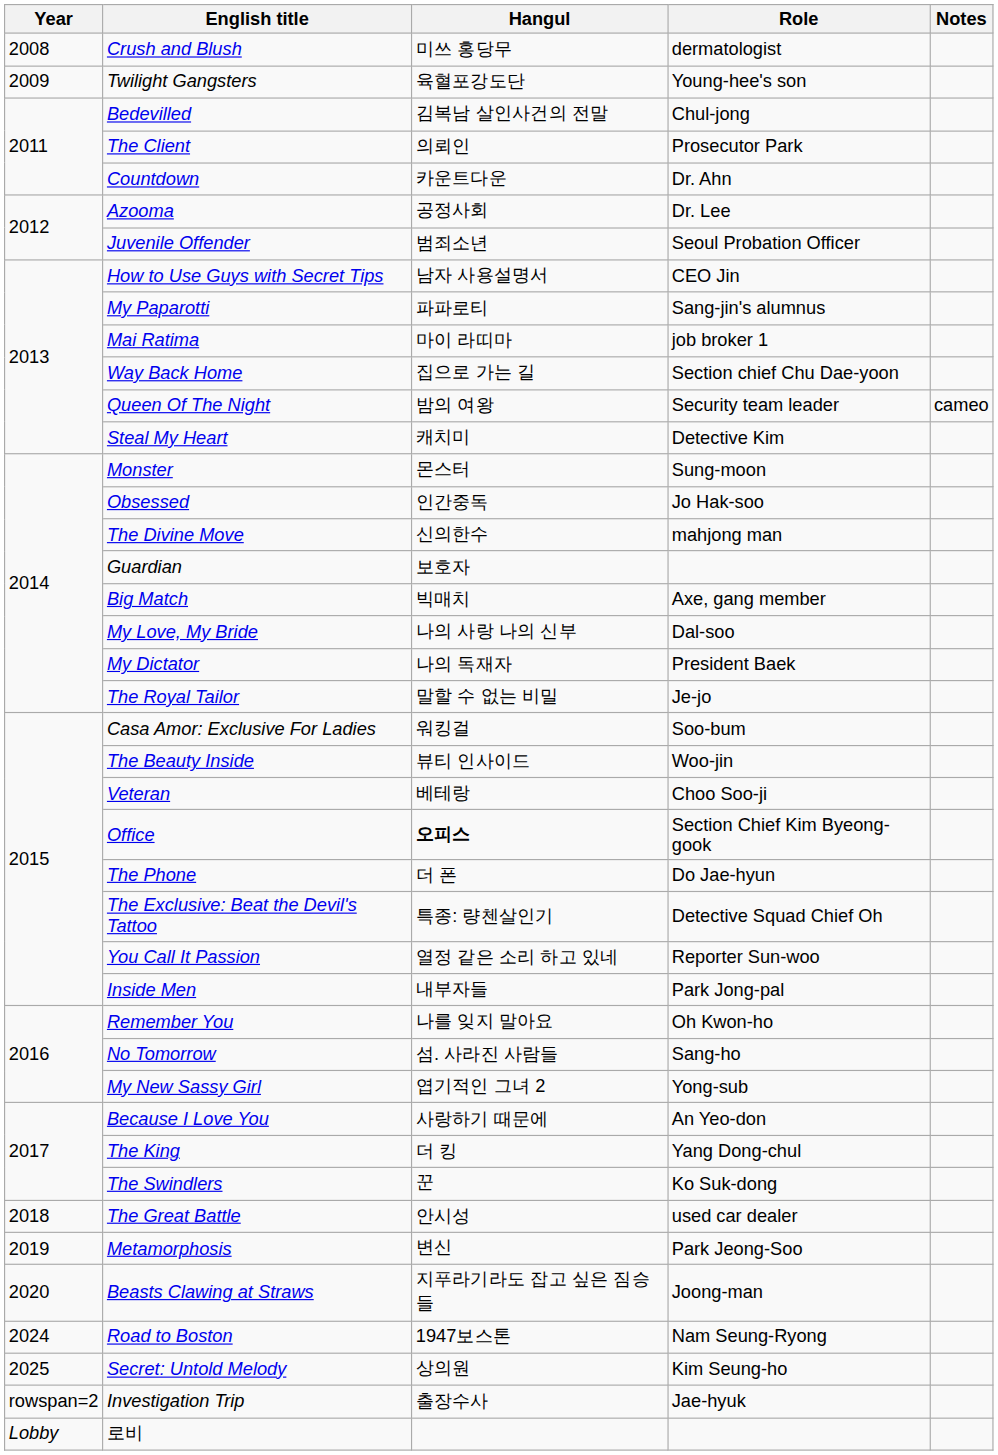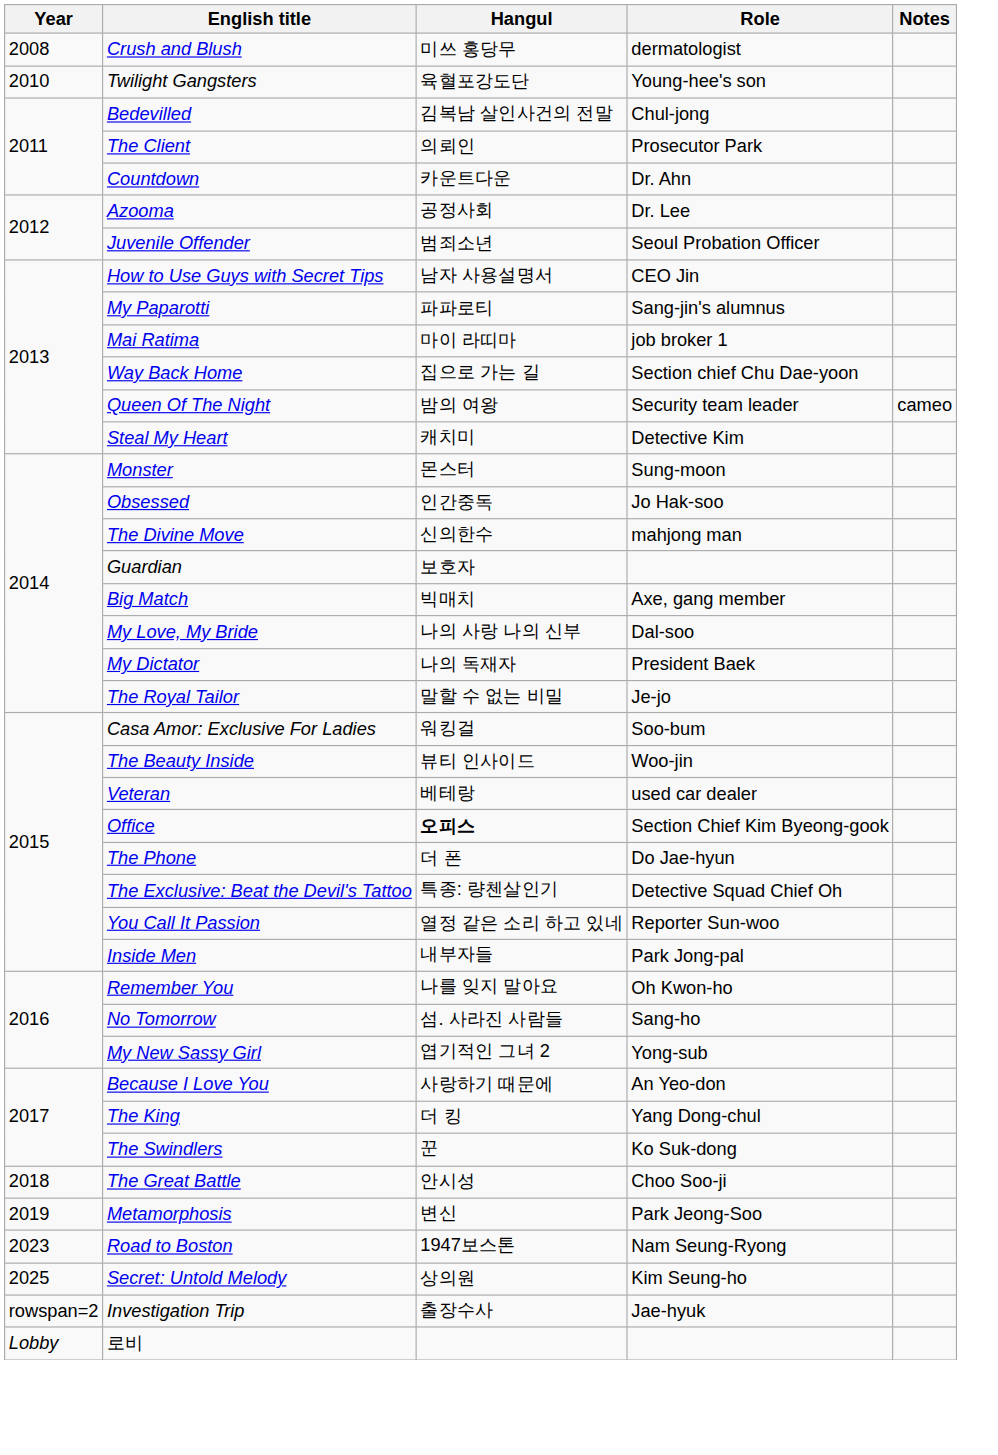 <table class="wikitable sortable">
 <tr>
 <th>Year</th>
 <th>English title</th>
 <th>Hangul</th>
 <th>Role</th>
 <th class="unsortable">Notes</th>
 </tr>
 <tr>
 <td>2008</td>
 <td><em><a href='#'>Crush and Blush</a></em></td>
 <td>미쓰 홍당무</td>
 <td>dermatologist</td>
 <td></td>
 </tr>
 <tr>
-<td>2009</td>
+<td>2010</td>
 <td><em>Twilight Gangsters</em></td>
 <td>육혈포강도단</td>
 <td>Young-hee's son</td>
 <td></td>
 </tr>
 <tr>
 <td rowspan=3>2011</td>
 <td><em><a href='#'>Bedevilled</a></em></td>
 <td>김복남 살인사건의 전말</td>
 <td>Chul-jong</td>
 <td></td>
 </tr>
 <tr>
 <td><em><a href='#'>The Client</a></em></td>
 <td>의뢰인</td>
 <td>Prosecutor Park</td>
 <td></td>
 </tr>
 <tr>
 <td><em><a href='#'>Countdown</a></em></td>
 <td>카운트다운</td>
 <td>Dr. Ahn</td>
 <td></td>
 </tr>
 <tr>
 <td rowspan=2>2012</td>
 <td><em><a href='#'>Azooma</a></em></td>
 <td>공정사회</td>
 <td>Dr. Lee</td>
 <td></td>
 </tr>
 <tr>
 <td><em><a href='#'>Juvenile Offender </a></em></td>
 <td>범죄소년</td>
 <td>Seoul Probation Officer</td>
 <td></td>
 </tr>
 <tr>
 <td rowspan=6>2013</td>
 <td><em><a href='#'>How to Use Guys with Secret Tips</a></em></td>
 <td>남자 사용설명서</td>
 <td>CEO Jin</td>
 <td></td>
 </tr>
 <tr>
 <td><em><a href='#'>My Paparotti</a></em></td>
 <td>파파로티</td>
 <td>Sang-jin's alumnus</td>
 <td></td>
 </tr>
 <tr>
 <td><em><a href='#'>Mai Ratima</a></em></td>
 <td>마이 라띠마</td>
 <td>job broker 1</td>
 <td></td>
 </tr>
 <tr>
 <td><em><a href='#'>Way Back Home</a></em></td>
 <td>집으로 가는 길</td>
 <td>Section chief Chu Dae-yoon</td>
 <td></td>
 </tr>
 <tr>
 <td><em><a href='#'>Queen Of The Night</a></em></td>
 <td>밤의 여왕</td>
 <td>Security team leader</td>
 <td>cameo</td>
 </tr>
 <tr>
 <td><em><a href='#'>Steal My Heart</a></em></td>
 <td>캐치미</td>
 <td>Detective Kim</td>
 <td></td>
 </tr>
 <tr>
 <td rowspan=8>2014</td>
 <td><em><a href='#'>Monster</a></em></td>
 <td>몬스터</td>
 <td>Sung-moon</td>
 <td></td>
 </tr>
 <tr>
 <td><em><a href='#'>Obsessed</a></em></td>
 <td>인간중독</td>
 <td>Jo Hak-soo</td>
 <td></td>
 </tr>
 <tr>
 <td><em><a href='#'>The Divine Move</a></em></td>
 <td>신의한수</td>
 <td>mahjong man</td>
 <td></td>
 </tr>
 <tr>
 <td><em>Guardian</em></td>
 <td>보호자</td>
 <td></td>
 <td></td>
 </tr>
 <tr>
 <td><em><a href='#'>Big Match</a></em></td>
 <td>빅매치</td>
 <td>Axe, gang member</td>
 <td></td>
 </tr>
 <tr>
 <td><em><a href='#'>My Love, My Bride</a></em></td>
 <td>나의 사랑 나의 신부</td>
 <td>Dal-soo</td>
 <td></td>
 </tr>
 <tr>
 <td><em><a href='#'>My Dictator</a></em></td>
 <td>나의 독재자</td>
 <td>President Baek</td>
 <td></td>
 </tr>
 <tr>
 <td><em><a href='#'>The Royal Tailor</a></em></td>
 <td>말할 수 없는 비밀</td>
 <td>Je-jo</td>
 <td></td>
 </tr>
 <tr>
 <td rowspan=8>2015</td>
 <td><em>Casa Amor: Exclusive For Ladies</em></td>
 <td>워킹걸</td>
 <td>Soo-bum</td>
 <td></td>
 </tr>
 <tr>
 <td><em><a href='#'>The Beauty Inside</a></em></td>
 <td>뷰티 인사이드</td>
 <td>Woo-jin</td>
 <td></td>
 </tr>
 <tr>
 <td><em><a href='#'>Veteran</a></em></td>
 <td>베테랑</td>
-<td>Choo Soo-ji</td>
+<td>used car dealer</td>
 <td></td>
 </tr>
 <tr>
 <td><em><a href='#'>Office</a></em></td>
 <td><strong>오피스</strong></td>
 <td>Section Chief Kim Byeong-gook</td>
 <td></td>
 </tr>
 <tr>
 <td><em><a href='#'>The Phone</a></em></td>
 <td>더 폰</td>
 <td>Do Jae-hyun</td>
 <td></td>
 </tr>
 <tr>
 <td><em><a href='#'>The Exclusive: Beat the Devil's Tattoo</a></em></td>
 <td>특종: 량첸살인기</td>
 <td>Detective Squad Chief Oh</td>
 <td></td>
 </tr>
 <tr>
 <td><em><a href='#'>You Call It Passion</a></em></td>
 <td>열정 같은 소리 하고 있네</td>
 <td>Reporter Sun-woo</td>
 <td></td>
 </tr>
 <tr>
 <td><em><a href='#'>Inside Men</a></em></td>
 <td>내부자들</td>
 <td>Park Jong-pal</td>
 <td></td>
 </tr>
 <tr>
 <td rowspan=3>2016</td>
 <td><em><a href='#'>Remember You</a></em></td>
 <td>나를 잊지 말아요</td>
 <td>Oh Kwon-ho</td>
 <td></td>
 </tr>
 <tr>
 <td><em><a href='#'>No Tomorrow</a></em></td>
 <td>섬. 사라진 사람들</td>
 <td>Sang-ho</td>
 <td></td>
 </tr>
 <tr>
 <td><em><a href='#'>My New Sassy Girl</a></em></td>
 <td>엽기적인 그녀 2</td>
 <td>Yong-sub</td>
 <td></td>
 </tr>
 <tr>
 <td rowspan=3>2017</td>
 <td><em><a href='#'>Because I Love You</a></em></td>
 <td>사랑하기 때문에</td>
 <td>An Yeo-don</td>
 <td></td>
 </tr>
 <tr>
 <td><em><a href='#'>The King</a></em></td>
 <td>더 킹</td>
 <td>Yang Dong-chul</td>
 <td></td>
 </tr>
 <tr>
 <td><em><a href='#'>The Swindlers</a></em></td>
 <td>꾼</td>
 <td>Ko Suk-dong</td>
 <td></td>
 </tr>
 <tr>
 <td>2018</td>
 <td><em><a href='#'>The Great Battle</a></em></td>
 <td>안시성</td>
-<td>used car dealer</td>
+<td>Choo Soo-ji</td>
 <td></td>
 </tr>
 <tr>
 <td>2019</td>
 <td><em><a href='#'>Metamorphosis</a></em></td>
 <td>변신</td>
 <td>Park Jeong-Soo</td>
 <td></td>
 </tr>
 <tr>
-<td>2020</td>
-<td><em><a href='#'>Beasts Clawing at Straws</a></em></td>
-<td>지푸라기라도 잡고 싶은 짐승들</td>
-<td>Joong-man</td>
-<td></td>
-</tr>
-<tr>
-<td>2024</td>
+<td>2023</td>
 <td><em><a href='#'>Road to Boston</a></em></td>
 <td>1947보스톤</td>
 <td>Nam Seung-Ryong</td>
 <td></td>
 </tr>
 <tr>
 <td>2025</td>
 <td><em><a href='#'>Secret: Untold Melody</a></em></td>
 <td>상의원</td>
 <td>Kim Seung-ho</td>
 <td></td>
 </tr>
 <tr>
 <td>rowspan=2 </td>
 <td><em>Investigation Trip</em></td>
 <td>출장수사</td>
 <td>Jae-hyuk</td>
 <td></td>
 </tr>
 <tr>
 <td><em>Lobby</em></td>
 <td>로비</td>
 <td></td>
 <td></td>
 </tr>
 </table>
